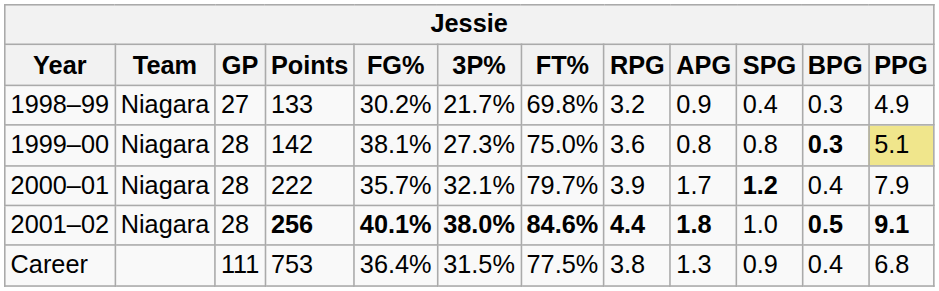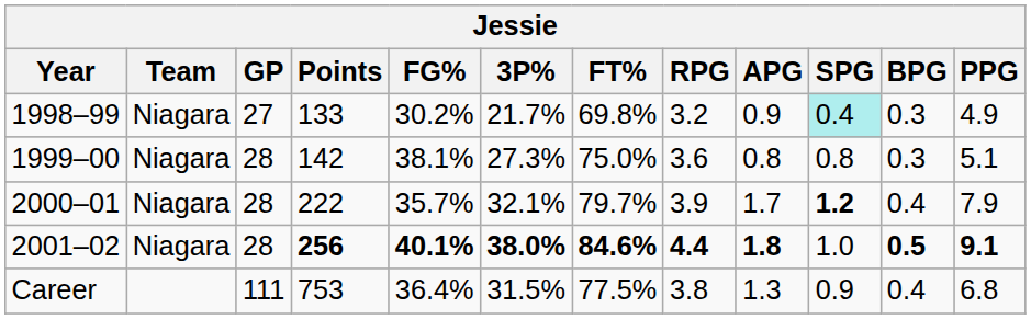 <table class="wikitable">
 <tr>
 <th colspan="12">Jessie</th>
 </tr>
 <tr>
 <th>Year</th>
 <th>Team</th>
 <th>GP</th>
 <th>Points</th>
 <th>FG%</th>
 <th>3P%</th>
 <th>FT%</th>
 <th>RPG</th>
 <th>APG</th>
 <th>SPG</th>
 <th>BPG</th>
 <th>PPG</th>
 </tr>
 <tr>
 <td>1998–99</td>
 <td>Niagara</td>
 <td>27</td>
 <td>133</td>
 <td>30.2%</td>
 <td>21.7%</td>
 <td>69.8%</td>
 <td>3.2</td>
 <td>0.9</td>
-<td>0.4</td>
+<td style="background: paleturquoise;">0.4</td>
 <td>0.3</td>
 <td>4.9</td>
 </tr>
 <tr>
 <td>1999–00</td>
 <td>Niagara</td>
 <td>28</td>
 <td>142</td>
 <td>38.1%</td>
 <td>27.3%</td>
 <td>75.0%</td>
 <td>3.6</td>
 <td>0.8</td>
 <td>0.8</td>
-<td><strong>0.3</strong></td>
-<td style="background: khaki;">5.1</td>
+<td>0.3</td>
+<td>5.1</td>
 </tr>
 <tr>
 <td>2000–01</td>
 <td>Niagara</td>
 <td>28</td>
 <td>222</td>
 <td>35.7%</td>
 <td>32.1%</td>
 <td>79.7%</td>
 <td>3.9</td>
 <td>1.7</td>
 <td><strong>1.2</strong></td>
 <td>0.4</td>
 <td>7.9</td>
 </tr>
 <tr>
 <td>2001–02</td>
 <td>Niagara</td>
 <td>28</td>
 <td><strong>256</strong></td>
 <td><strong>40.1%</strong></td>
 <td><strong>38.0%</strong></td>
 <td><strong>84.6%</strong></td>
 <td><strong>4.4</strong></td>
 <td><strong>1.8</strong></td>
 <td>1.0</td>
 <td><strong>0.5</strong></td>
 <td><strong>9.1</strong></td>
 </tr>
 <tr>
 <td>Career</td>
 <td></td>
 <td>111</td>
 <td>753</td>
 <td>36.4%</td>
 <td>31.5%</td>
 <td>77.5%</td>
 <td>3.8</td>
 <td>1.3</td>
 <td>0.9</td>
 <td>0.4</td>
 <td>6.8</td>
 </tr>
 </table>
